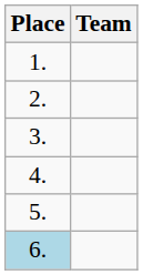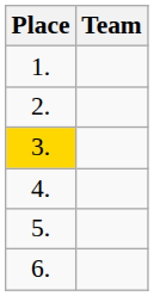 <table class="wikitable" style="text-align: center;">
 <tr>
 <th>Place</th>
 <th>Team</th>
 </tr>
 <tr>
 <td>1.</td>
 <td style="text-align:left;"></td>
 </tr>
 <tr>
 <td>2.</td>
 <td style="text-align:left;"></td>
 </tr>
 <tr>
-<td>3.</td>
+<td style="background: gold;">3.</td>
 <td style="text-align:left;"></td>
 </tr>
 <tr>
 <td>4.</td>
 <td style="text-align:left;"></td>
 </tr>
 <tr>
 <td>5.</td>
 <td style="text-align:left;"></td>
 </tr>
 <tr>
-<td style="background: lightblue;">6.</td>
+<td>6.</td>
 <td style="text-align:left;"></td>
 </tr>
 </table>
